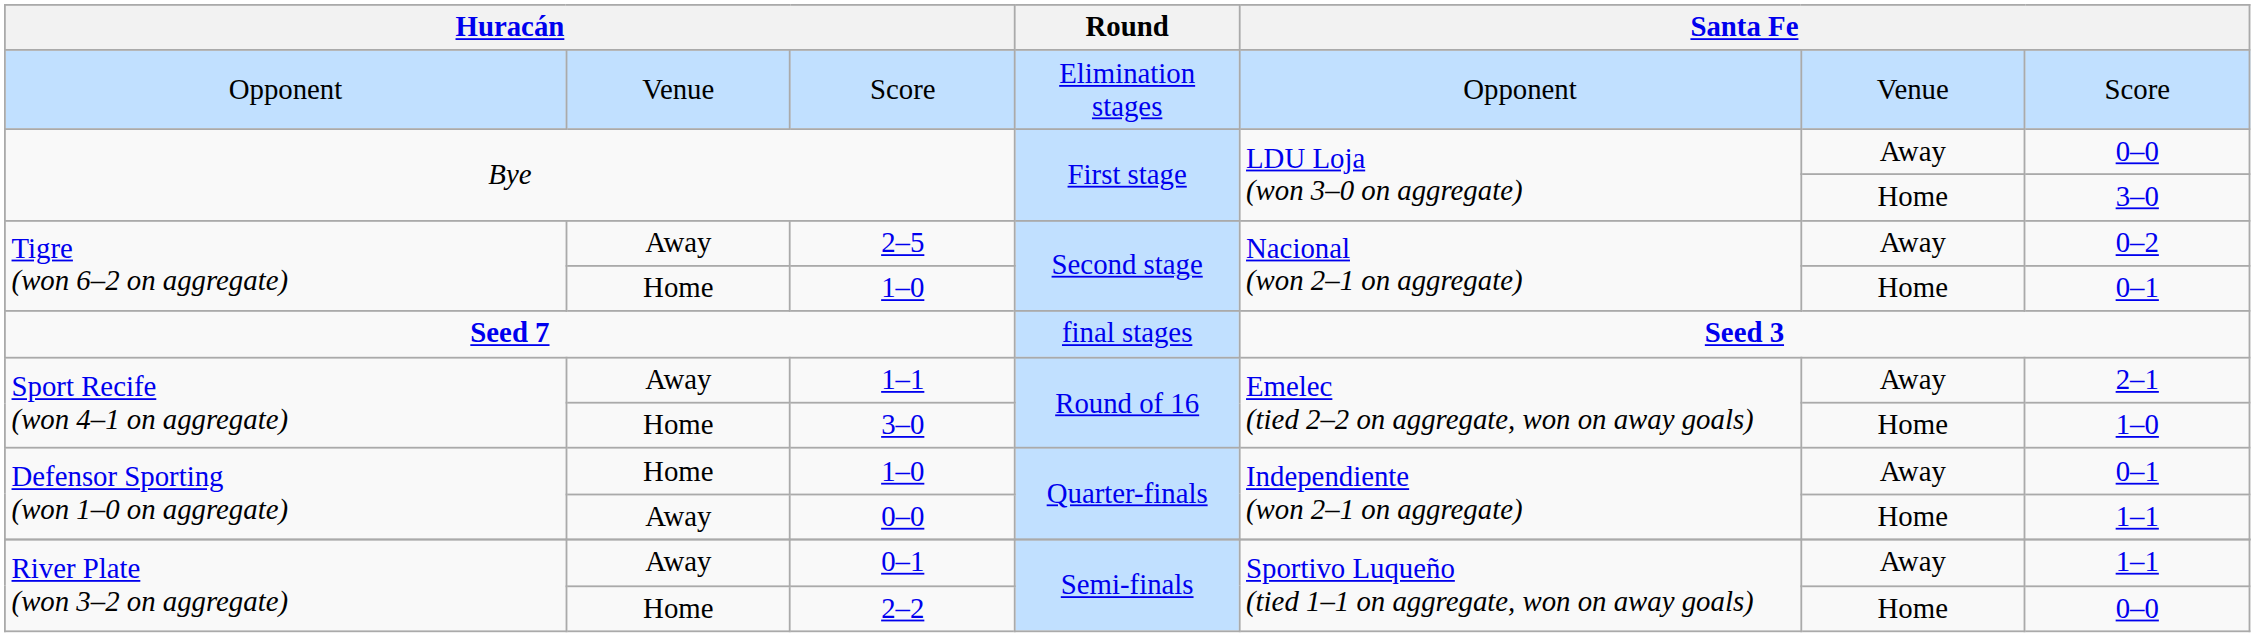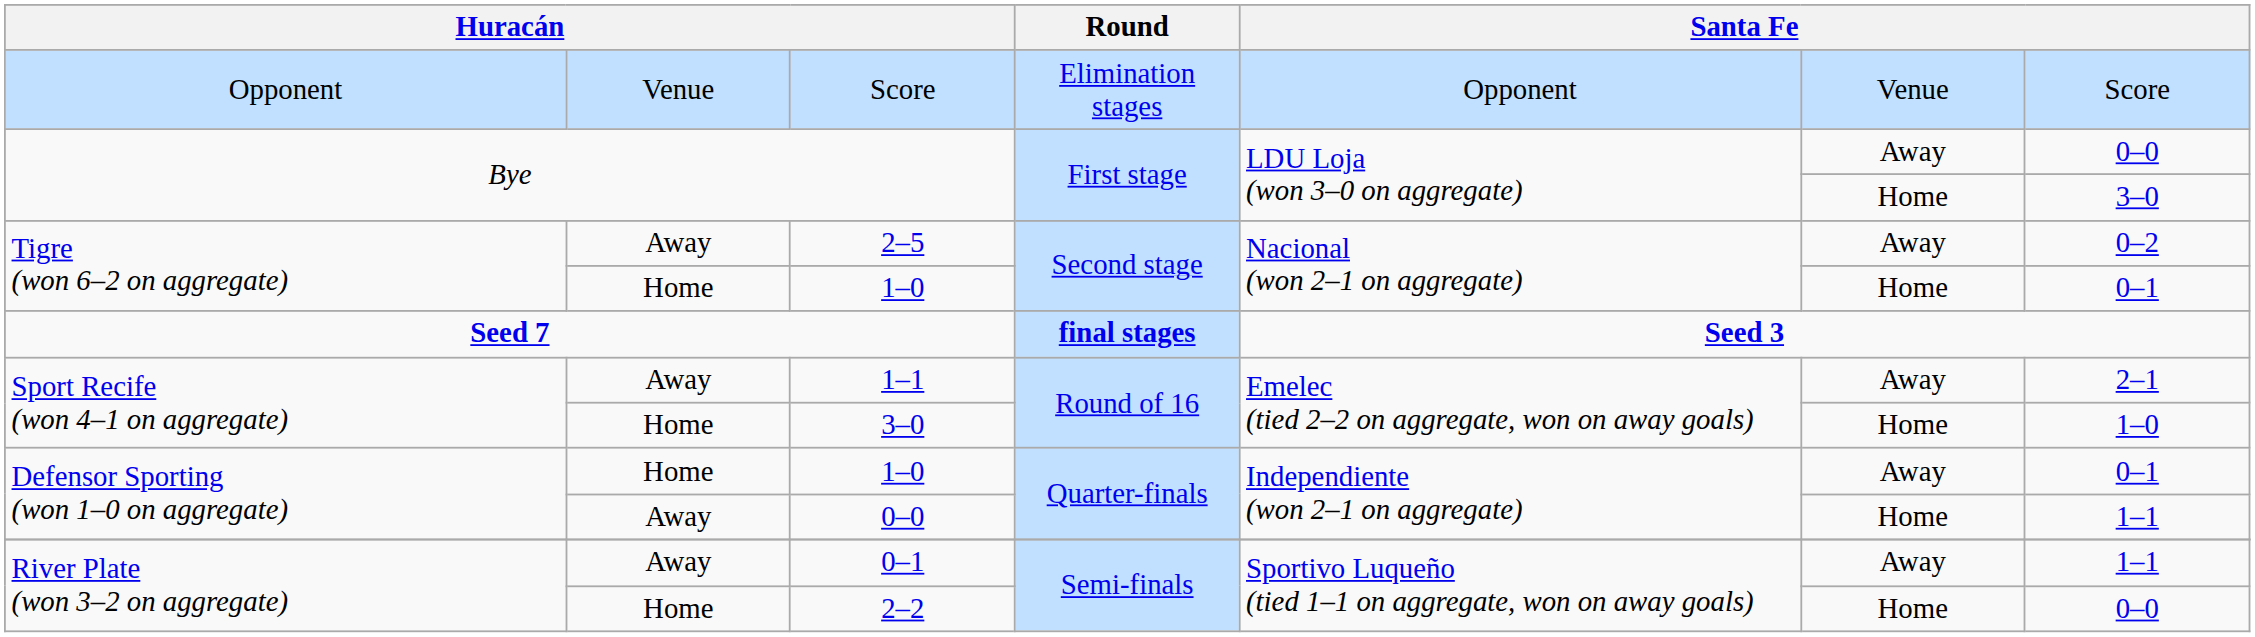 <table class="wikitable" style="text-align: center;">
 <tr>
 <th colspan=3> <a href='#'>Huracán</a></th>
 <th>Round</th>
 <th colspan=3> <a href='#'>Santa Fe</a></th>
 </tr>
 <tr bgcolor=#c1e0ff>
 <td width=25%>Opponent</td>
 <td width=10%>Venue</td>
 <td width=10%>Score</td>
 <td width=10%><a href='#'>Elimination stages</a></td>
 <td width=25%>Opponent</td>
 <td width=10%>Venue</td>
 <td width=10%>Score</td>
 </tr>
 <tr>
 <td rowspan=2 colspan=3><em>Bye</em></td>
 <td rowspan=2 bgcolor=#c1e0ff><a href='#'>First stage</a></td>
 <td rowspan=2 align=left> <a href='#'>LDU Loja</a><br><em>(won 3–0 on aggregate)</em></td>
 <td>Away</td>
 <td><a href='#'>0–0</a></td>
 </tr>
 <tr>
 <td>Home</td>
 <td><a href='#'>3–0</a></td>
 </tr>
 <tr>
 <td rowspan=2 align=left> <a href='#'>Tigre</a><br><em>(won 6–2 on aggregate)</em></td>
 <td>Away</td>
 <td><a href='#'>2–5</a></td>
 <td rowspan=2 bgcolor=#c1e0ff><a href='#'>Second stage</a></td>
 <td rowspan=2 align=left> <a href='#'>Nacional</a><br><em>(won 2–1 on aggregate)</em></td>
 <td>Away</td>
 <td><a href='#'>0–2</a></td>
 </tr>
 <tr>
 <td>Home</td>
 <td><a href='#'>1–0</a></td>
 <td>Home</td>
 <td><a href='#'>0–1</a></td>
 </tr>
 <tr>
 <td colspan=3><strong><a href='#'>Seed 7</a></strong></td>
-<td bgcolor=#c1e0ff><a href='#'>final stages</a></td>
+<td bgcolor=#c1e0ff><strong><a href='#'>final stages</a></strong></td>
 <td colspan=3><strong><a href='#'>Seed 3</a></strong></td>
 </tr>
 <tr>
 <td rowspan=2 align=left> <a href='#'>Sport Recife</a><br><em>(won 4–1 on aggregate)</em></td>
 <td>Away</td>
 <td><a href='#'>1–1</a></td>
 <td rowspan=2 bgcolor=#c1e0ff><a href='#'>Round of 16</a></td>
 <td rowspan=2 align=left> <a href='#'>Emelec</a><br><em>(tied 2–2 on aggregate, won on away goals)</em></td>
 <td>Away</td>
 <td><a href='#'>2–1</a></td>
 </tr>
 <tr>
 <td>Home</td>
 <td><a href='#'>3–0</a></td>
 <td>Home</td>
 <td><a href='#'>1–0</a></td>
 </tr>
 <tr>
 <td rowspan=2 align=left> <a href='#'>Defensor Sporting</a><br><em>(won 1–0 on aggregate)</em></td>
 <td>Home</td>
 <td><a href='#'>1–0</a></td>
 <td rowspan=2 bgcolor=#c1e0ff><a href='#'>Quarter-finals</a></td>
 <td rowspan=2 align=left> <a href='#'>Independiente</a><br><em>(won 2–1 on aggregate)</em></td>
 <td>Away</td>
 <td><a href='#'>0–1</a></td>
 </tr>
 <tr>
 <td>Away</td>
 <td><a href='#'>0–0</a></td>
 <td>Home</td>
 <td><a href='#'>1–1</a></td>
 </tr>
 <tr>
 </tr>
 <tr>
 <td rowspan=2 align=left> <a href='#'>River Plate</a><br><em>(won 3–2 on aggregate)</em></td>
 <td>Away</td>
 <td><a href='#'>0–1</a></td>
 <td rowspan=2 bgcolor=#c1e0ff><a href='#'>Semi-finals</a></td>
 <td rowspan=2 align=left> <a href='#'>Sportivo Luqueño</a><br><em>(tied 1–1 on aggregate, won on away goals)</em></td>
 <td>Away</td>
 <td><a href='#'>1–1</a></td>
 </tr>
 <tr>
 <td>Home</td>
 <td><a href='#'>2–2</a></td>
 <td>Home</td>
 <td><a href='#'>0–0</a></td>
 </tr>
 </table>
